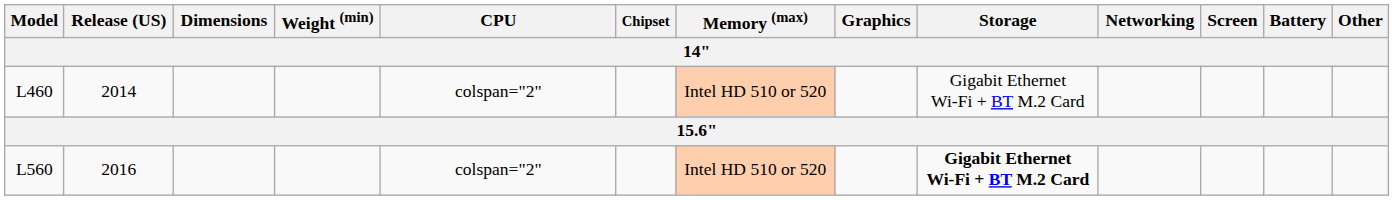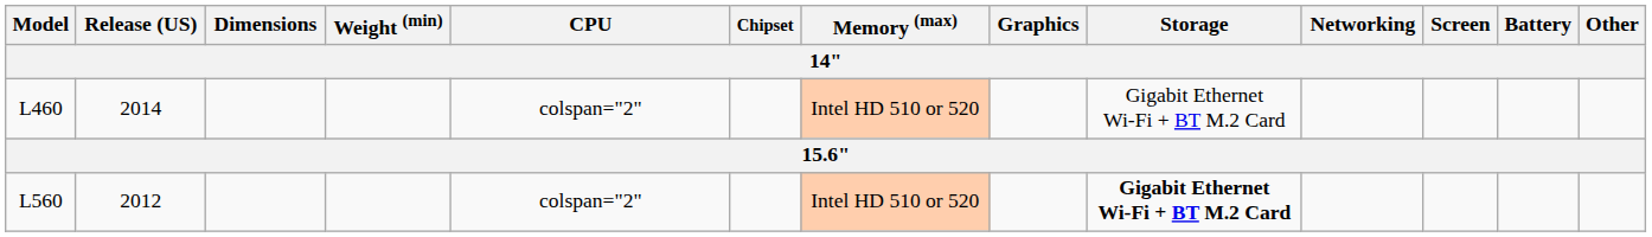 <table class="wikitable" style="font-size: 80%; text-align: center; min-width: 80%;">
 <tr>
 <th>Model</th>
 <th>Release (US)</th>
 <th>Dimensions</th>
 <th>Weight <sup>(min)</sup></th>
 <th style="width:17%">CPU</th>
 <th><small>Chipset</small></th>
 <th>Memory <sup>(max)</sup></th>
 <th>Graphics</th>
 <th>Storage</th>
 <th>Networking</th>
 <th>Screen</th>
 <th>Battery</th>
 <th>Other</th>
 </tr>
 <tr>
 <th colspan=13>14"</th>
 </tr>
 <tr>
 <td>L460</td>
 <td>2014</td>
 <td></td>
 <td></td>
 <td>colspan="2" </td>
 <td></td>
 <td style="background:#ffcead;">Intel HD 510 or 520</td>
 <td></td>
 <td>Gigabit Ethernet<br>Wi-Fi + <a href='#'>BT</a> M.2 Card<br><small></small></td>
 <td></td>
 <td></td>
 <td></td>
 </tr>
 <tr>
 <th colspan=13>15.6"</th>
 </tr>
 <tr>
 <td>L560</td>
-<td>2016</td>
+<td>2012</td>
 <td></td>
 <td></td>
 <td>colspan="2" </td>
 <td></td>
 <td style="background:#ffcead;">Intel HD 510 or 520</td>
 <td></td>
 <td><strong>Gigabit Ethernet<br>Wi-Fi + <a href='#'>BT</a> M.2 Card<br><small></small></strong></td>
 <td></td>
 <td></td>
 <td></td>
 </tr>
 </table>
